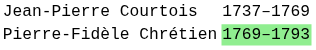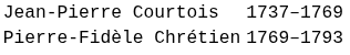 <table>
 <tr>
 <td>Jean-Pierre Courtois</td>
 <td>1737–1769</td>
 </tr>
 <tr>
 <td>Pierre-Fidèle Chrétien</td>
-<td style="background: lightgreen;">1769–1793</td>
+<td>1769–1793</td>
 </tr>
 </table>
